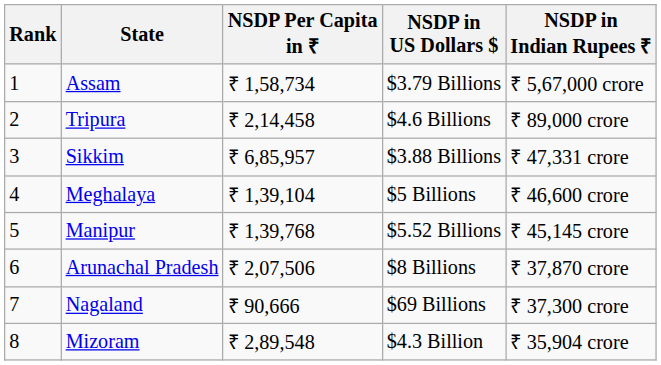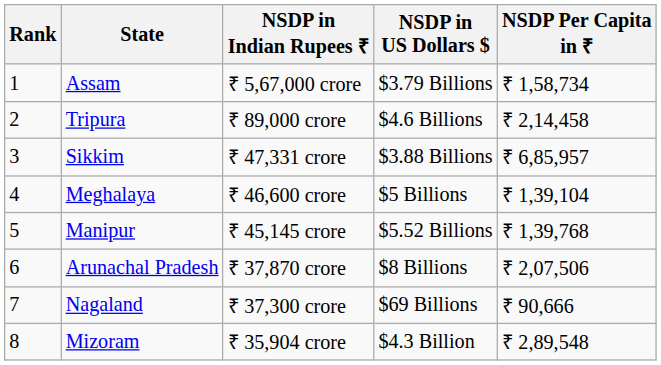 <table class="wikitable">
 <tr>
 <th>Rank</th>
 <th>State</th>
+<th>NSDP in<br>Indian Rupees ₹</th>
+<th>NSDP in<br>US Dollars $</th>
 <th>NSDP Per Capita<br>in ₹</th>
-<th>NSDP in<br>US Dollars $</th>
-<th>NSDP in<br>Indian Rupees ₹</th>
 </tr>
 <tr>
 <td>1</td>
 <td><a href='#'>Assam</a></td>
+<td>₹ 5,67,000 crore</td>
+<td>$3.79 Billions</td>
 <td>₹ 1,58,734</td>
-<td>$3.79 Billions</td>
-<td>₹ 5,67,000 crore</td>
 </tr>
 <tr>
 <td>2</td>
 <td><a href='#'>Tripura</a></td>
+<td>₹ 89,000 crore</td>
+<td>$4.6 Billions</td>
 <td>₹ 2,14,458</td>
-<td>$4.6 Billions</td>
-<td>₹ 89,000 crore</td>
 </tr>
 <tr>
 <td>3</td>
 <td><a href='#'>Sikkim</a></td>
+<td>₹ 47,331 crore</td>
+<td>$3.88 Billions</td>
 <td>₹ 6,85,957</td>
-<td>$3.88 Billions</td>
-<td>₹ 47,331 crore</td>
 </tr>
 <tr>
 <td>4</td>
 <td><a href='#'>Meghalaya</a></td>
+<td>₹ 46,600 crore</td>
+<td>$5 Billions</td>
 <td>₹ 1,39,104</td>
-<td>$5 Billions</td>
-<td>₹ 46,600 crore</td>
 </tr>
 <tr>
 <td>5</td>
 <td><a href='#'>Manipur</a></td>
+<td>₹ 45,145 crore</td>
+<td>$5.52 Billions</td>
 <td>₹ 1,39,768</td>
-<td>$5.52 Billions</td>
-<td>₹ 45,145 crore</td>
 </tr>
 <tr>
 <td>6</td>
 <td><a href='#'>Arunachal Pradesh</a></td>
+<td>₹ 37,870 crore</td>
+<td>$8 Billions</td>
 <td>₹ 2,07,506</td>
-<td>$8 Billions</td>
-<td>₹ 37,870 crore</td>
 </tr>
 <tr>
 <td>7</td>
 <td><a href='#'>Nagaland</a></td>
+<td>₹ 37,300 crore</td>
+<td>$69 Billions</td>
 <td>₹ 90,666</td>
-<td>$69 Billions</td>
-<td>₹ 37,300 crore</td>
 </tr>
 <tr>
 <td>8</td>
 <td><a href='#'>Mizoram</a></td>
+<td>₹ 35,904 crore</td>
+<td>$4.3 Billion</td>
 <td>₹ 2,89,548</td>
-<td>$4.3 Billion</td>
-<td>₹ 35,904 crore</td>
 </tr>
 </table>
